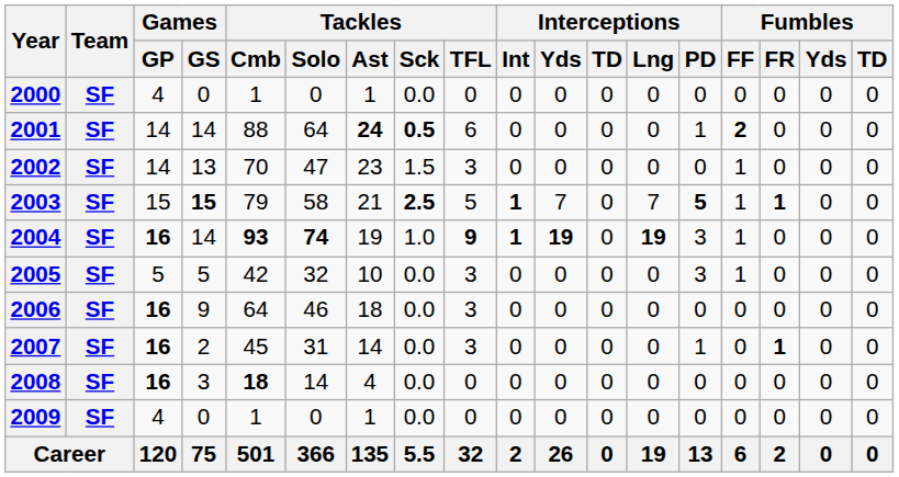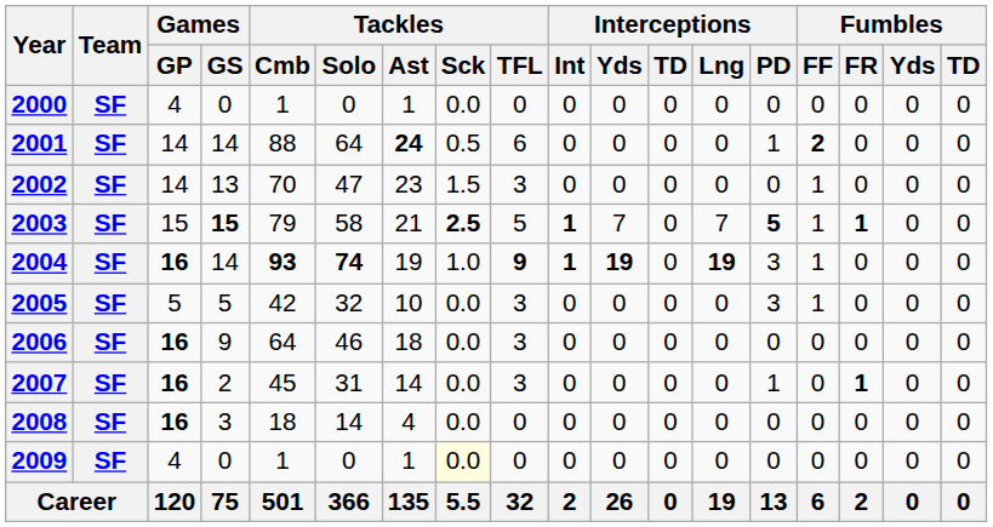 <table class="wikitable" style="text-align:center;">
 <tr>
 <th rowspan="2">Year</th>
 <th rowspan="2">Team</th>
 <th colspan="2">Games</th>
 <th colspan="5">Tackles</th>
 <th colspan="5">Interceptions</th>
 <th colspan="4">Fumbles</th>
 </tr>
 <tr>
 <th>GP</th>
 <th>GS</th>
 <th>Cmb</th>
 <th>Solo</th>
 <th>Ast</th>
 <th>Sck</th>
 <th>TFL</th>
 <th>Int</th>
 <th>Yds</th>
 <th>TD</th>
 <th>Lng</th>
 <th>PD</th>
 <th>FF</th>
 <th>FR</th>
 <th>Yds</th>
 <th>TD</th>
 </tr>
 <tr>
 <th><a href='#'>2000</a></th>
 <th><a href='#'>SF</a></th>
 <td>4</td>
 <td>0</td>
 <td>1</td>
 <td>0</td>
 <td>1</td>
 <td>0.0</td>
 <td>0</td>
 <td>0</td>
 <td>0</td>
 <td>0</td>
 <td>0</td>
 <td>0</td>
 <td>0</td>
 <td>0</td>
 <td>0</td>
 <td>0</td>
 </tr>
 <tr>
 <th><a href='#'>2001</a></th>
 <th><a href='#'>SF</a></th>
 <td>14</td>
 <td>14</td>
 <td>88</td>
 <td>64</td>
 <td><strong>24</strong></td>
-<td><strong>0.5</strong></td>
+<td>0.5</td>
 <td>6</td>
 <td>0</td>
 <td>0</td>
 <td>0</td>
 <td>0</td>
 <td>1</td>
 <td><strong>2</strong></td>
 <td>0</td>
 <td>0</td>
 <td>0</td>
 </tr>
 <tr>
 <th><a href='#'>2002</a></th>
 <th><a href='#'>SF</a></th>
 <td>14</td>
 <td>13</td>
 <td>70</td>
 <td>47</td>
 <td>23</td>
 <td>1.5</td>
 <td>3</td>
 <td>0</td>
 <td>0</td>
 <td>0</td>
 <td>0</td>
 <td>0</td>
 <td>1</td>
 <td>0</td>
 <td>0</td>
 <td>0</td>
 </tr>
 <tr>
 <th><a href='#'>2003</a></th>
 <th><a href='#'>SF</a></th>
 <td>15</td>
 <td><strong>15</strong></td>
 <td>79</td>
 <td>58</td>
 <td>21</td>
 <td><strong>2.5</strong></td>
 <td>5</td>
 <td><strong>1</strong></td>
 <td>7</td>
 <td>0</td>
 <td>7</td>
 <td><strong>5</strong></td>
 <td>1</td>
 <td><strong>1</strong></td>
 <td>0</td>
 <td>0</td>
 </tr>
 <tr>
 <th><a href='#'>2004</a></th>
 <th><a href='#'>SF</a></th>
 <td><strong>16</strong></td>
 <td>14</td>
 <td><strong>93</strong></td>
 <td><strong>74</strong></td>
 <td>19</td>
 <td>1.0</td>
 <td><strong>9</strong></td>
 <td><strong>1</strong></td>
 <td><strong>19</strong></td>
 <td>0</td>
 <td><strong>19</strong></td>
 <td>3</td>
 <td>1</td>
 <td>0</td>
 <td>0</td>
 <td>0</td>
 </tr>
 <tr>
 <th><a href='#'>2005</a></th>
 <th><a href='#'>SF</a></th>
 <td>5</td>
 <td>5</td>
 <td>42</td>
 <td>32</td>
 <td>10</td>
 <td>0.0</td>
 <td>3</td>
 <td>0</td>
 <td>0</td>
 <td>0</td>
 <td>0</td>
 <td>3</td>
 <td>1</td>
 <td>0</td>
 <td>0</td>
 <td>0</td>
 </tr>
 <tr>
 <th><a href='#'>2006</a></th>
 <th><a href='#'>SF</a></th>
 <td><strong>16</strong></td>
 <td>9</td>
 <td>64</td>
 <td>46</td>
 <td>18</td>
 <td>0.0</td>
 <td>3</td>
 <td>0</td>
 <td>0</td>
 <td>0</td>
 <td>0</td>
 <td>0</td>
 <td>0</td>
 <td>0</td>
 <td>0</td>
 <td>0</td>
 </tr>
 <tr>
 <th><a href='#'>2007</a></th>
 <th><a href='#'>SF</a></th>
 <td><strong>16</strong></td>
 <td>2</td>
 <td>45</td>
 <td>31</td>
 <td>14</td>
 <td>0.0</td>
 <td>3</td>
 <td>0</td>
 <td>0</td>
 <td>0</td>
 <td>0</td>
 <td>1</td>
 <td>0</td>
 <td><strong>1</strong></td>
 <td>0</td>
 <td>0</td>
 </tr>
 <tr>
 <th><a href='#'>2008</a></th>
 <th><a href='#'>SF</a></th>
 <td><strong>16</strong></td>
 <td>3</td>
-<td><strong>18</strong></td>
+<td>18</td>
 <td>14</td>
 <td>4</td>
 <td>0.0</td>
 <td>0</td>
 <td>0</td>
 <td>0</td>
 <td>0</td>
 <td>0</td>
 <td>0</td>
 <td>0</td>
 <td>0</td>
 <td>0</td>
 <td>0</td>
 </tr>
 <tr>
 <th><a href='#'>2009</a></th>
 <th><a href='#'>SF</a></th>
 <td>4</td>
 <td>0</td>
 <td>1</td>
 <td>0</td>
 <td>1</td>
-<td>0.0</td>
+<td style="background: lightyellow;">0.0</td>
 <td>0</td>
 <td>0</td>
 <td>0</td>
 <td>0</td>
 <td>0</td>
 <td>0</td>
 <td>0</td>
 <td>0</td>
 <td>0</td>
 <td>0</td>
 </tr>
 <tr>
 <th colspan="2">Career</th>
 <th>120</th>
 <th>75</th>
 <th>501</th>
 <th>366</th>
 <th>135</th>
 <th>5.5</th>
 <th>32</th>
 <th>2</th>
 <th>26</th>
 <th>0</th>
 <th>19</th>
 <th>13</th>
 <th>6</th>
 <th>2</th>
 <th>0</th>
 <th>0</th>
 </tr>
 </table>
